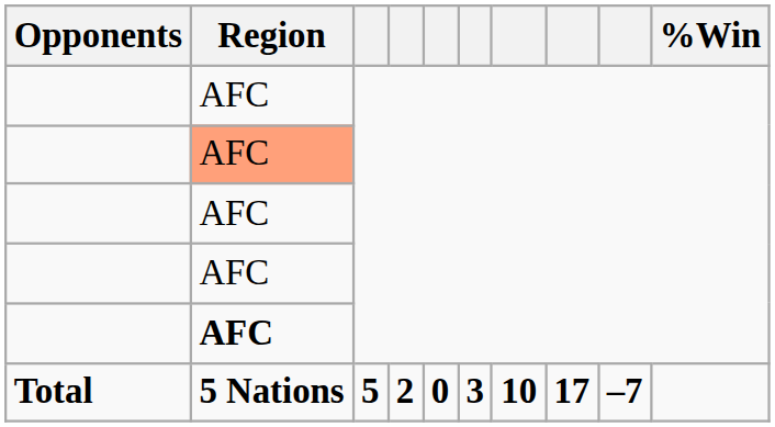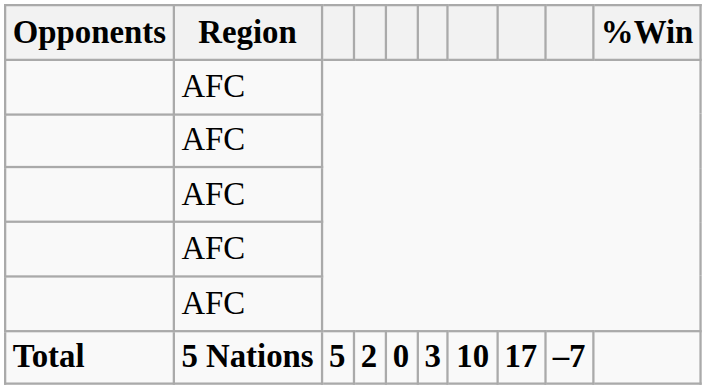 <table class="wikitable sortable" style="text-align: left;font-size:90%;">
 <tr>
 <th>Opponents</th>
 <th>Region</th>
 <th></th>
 <th></th>
 <th></th>
 <th></th>
 <th></th>
 <th></th>
 <th></th>
 <th>%Win</th>
 </tr>
 <tr>
 <td></td>
 <td>AFC<br></td>
 </tr>
 <tr>
 <td></td>
-<td style="background: lightsalmon;">AFC<br></td>
+<td>AFC<br></td>
 </tr>
 <tr>
 <td></td>
 <td>AFC<br></td>
 </tr>
 <tr>
 <td></td>
 <td>AFC<br></td>
 </tr>
 <tr>
 <td></td>
-<td><strong>AFC<br></strong></td>
+<td>AFC<br></td>
 </tr>
 <tr class="sortbottom">
 <td align="left"><strong>Total</strong></td>
 <td><strong>5 Nations</strong></td>
 <td><strong>5</strong></td>
 <td><strong>2</strong></td>
 <td><strong>0</strong></td>
 <td><strong>3</strong></td>
 <td><strong>10</strong></td>
 <td><strong>17</strong></td>
 <td><strong>–7</strong></td>
 <td></td>
 </tr>
 </table>
